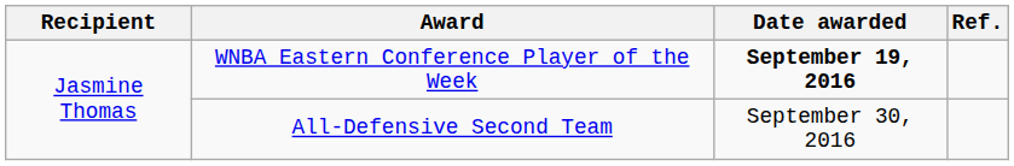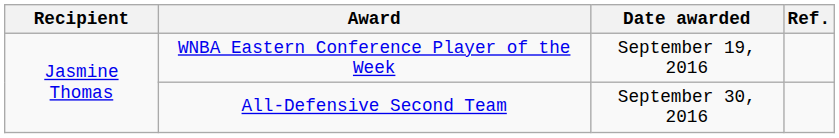 <table class="wikitable sortable" style="text-align: center">
 <tr>
 <th>Recipient</th>
 <th>Award</th>
 <th>Date awarded</th>
 <th>Ref.</th>
 </tr>
 <tr>
 <td rowspan=2><a href='#'>Jasmine Thomas</a></td>
 <td><a href='#'>WNBA Eastern Conference Player of the Week</a></td>
-<td><strong>September 19, 2016</strong></td>
+<td>September 19, 2016</td>
 <td></td>
 </tr>
 <tr>
 <td><a href='#'>All-Defensive Second Team</a></td>
 <td>September 30, 2016</td>
 <td></td>
 </tr>
 </table>
